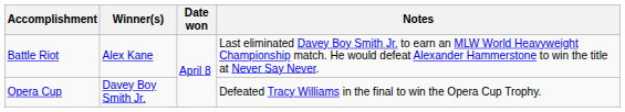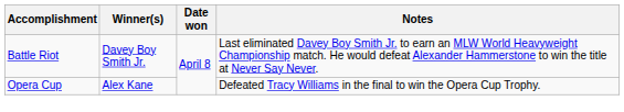 <table class="wikitable" style="width:100%;">
 <tr>
 <th>Accomplishment</th>
 <th>Winner(s)</th>
 <th>Date won</th>
 <th>Notes</th>
 </tr>
 <tr>
 <td><a href='#'>Battle Riot</a></td>
-<td><a href='#'>Alex Kane</a></td>
+<td><a href='#'>Davey Boy Smith Jr.</a></td>
 <td rowspan=2><a href='#'>April 8</a></td>
 <td>Last eliminated <a href='#'>Davey Boy Smith Jr.</a> to earn an <a href='#'>MLW World Heavyweight Championship</a> match. He would defeat <a href='#'>Alexander Hammerstone</a> to win the title at <a href='#'>Never Say Never</a>.</td>
 </tr>
 <tr>
 <td><a href='#'>Opera Cup</a></td>
-<td><a href='#'>Davey Boy Smith Jr.</a></td>
+<td><a href='#'>Alex Kane</a></td>
 <td>Defeated <a href='#'>Tracy Williams</a> in the final to win the Opera Cup Trophy.</td>
 </tr>
 </table>
